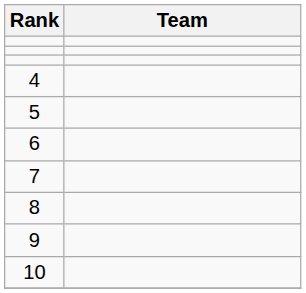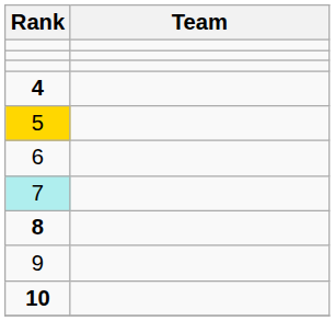 <table class="wikitable" style="text-align: center;">
 <tr>
 <th width=40>Rank</th>
 <th width=180>Team</th>
 </tr>
 <tr>
 <td></td>
 <td align=left></td>
 </tr>
 <tr>
 <td></td>
 <td align=left></td>
 </tr>
 <tr>
 <td></td>
 <td align=left></td>
 </tr>
 <tr>
-<td>4</td>
+<td><strong>4</strong></td>
 <td align=left></td>
 </tr>
 <tr>
-<td>5</td>
+<td style="background: gold;">5</td>
 <td align=left></td>
 </tr>
 <tr>
 <td>6</td>
 <td align=left></td>
 </tr>
 <tr>
-<td>7</td>
+<td style="background: paleturquoise;">7</td>
 <td align=left></td>
 </tr>
 <tr>
-<td>8</td>
+<td><strong>8</strong></td>
 <td align=left></td>
 </tr>
 <tr>
 <td>9</td>
 <td align=left></td>
 </tr>
 <tr>
-<td>10</td>
+<td><strong>10</strong></td>
 <td align=left></td>
 </tr>
 <tr>
 </tr>
 </table>
